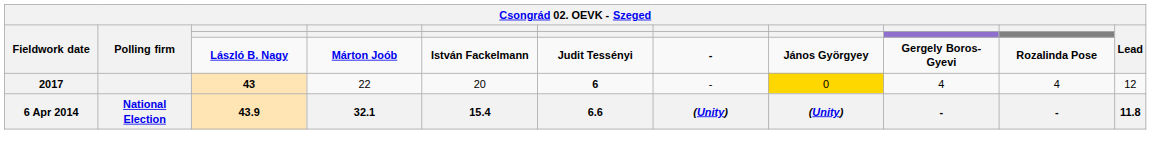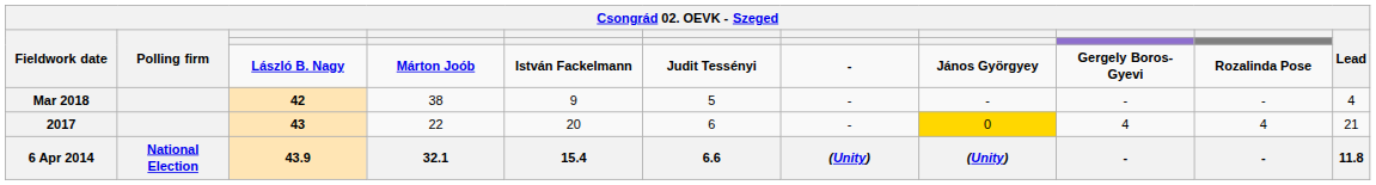 <table class="wikitable mw-collapsible mw-collapsed" style="text-align:center">
 <tr>
 <th colspan="11" style="width: 980pt;"><small><a href='#'>Csongrád</a>  02. OEVK -</small> <small><a href='#'>Szeged</a></small></th>
 </tr>
 <tr>
 <th rowspan="3" style="width: 80pt;"><small>Fieldwork</small> <small>date</small></th>
 <th rowspan="3" style="width: 80pt;"><strong><small>Polling</small> <small>firm</small></strong></th>
 <th style="width: 100pt;"><small></small></th>
 <th style="width: 100pt;"><small> </small></th>
 <th style="width: 100pt;"></th>
 <th style="width: 100pt;"></th>
 <th style="width: 100pt;"></th>
 <th style="width: 100pt;"></th>
 <th style="width: 100pt;"></th>
 <th style="width: 100pt;"></th>
 <th rowspan="3" style="width: 20pt;"><small>Lead</small></th>
 </tr>
 <tr>
 <th style="color:inherit;background:"></th>
 <th style="color:inherit;background:"></th>
 <th style="color:inherit;background:"></th>
 <th style="color:inherit;background:"></th>
 <th style="color:inherit;background:"></th>
 <th style="color:inherit;background:"></th>
 <th style="color:inherit;background:#8E6FCE;"></th>
 <th style="color:inherit;background:#808080;"></th>
 </tr>
 <tr>
 <td><a href='#'><small><strong>László B. Nagy</strong></small></a></td>
 <td><a href='#'><small><strong>Márton Joób</strong></small></a></td>
 <td><small><strong>István Fackelmann</strong></small></td>
 <td><small><strong>Judit Tessényi</strong></small></td>
 <td><small><strong>-</strong></small></td>
 <td><small><strong>János Györgyey</strong></small></td>
 <td><small><strong>Gergely</strong></small> <small><strong>Boros-Gyevi</strong></small></td>
 <td><small><strong>Rozalinda Pose</strong></small></td>
 </tr>
 <tr>
+<th><small>Mar 2018</small></th>
+<th><small></small></th>
+<td style="background:#FFE5B4"><small><strong>42</strong></small></td>
+<td><small>38</small></td>
+<td><small>9</small></td>
+<td><small>5</small></td>
+<td><small>-</small></td>
+<td><small>-</small></td>
+<td><small>-</small></td>
+<td><small>-</small></td>
+<td style="background:"><small>4</small></td>
+</tr>
+<tr>
 <th><small>2017</small></th>
 <th><small></small></th>
 <td style="background:#FFE5B4"><small><strong>43</strong></small></td>
 <td><small>22</small></td>
 <td><small>20</small></td>
-<td><strong><small>6</small></strong></td>
+<td><small>6</small></td>
 <td><small>-</small></td>
 <td style="background: gold;"><small>0</small></td>
 <td><small>4</small></td>
 <td><small>4</small></td>
-<td style="background:"><small>12</small></td>
+<td style="background:"><small>21</small></td>
 </tr>
 <tr>
 <th><small>6 Apr 2014</small></th>
 <th><a href='#'><small>National Election</small></a></th>
 <th style="background:#FFE5B4"><small><strong>43.9</strong></small></th>
 <th><small>32.1</small></th>
 <th><small>15.4</small></th>
 <th><small>6.6</small></th>
 <th><small><em>(<a href='#'>Unity</a>)</em></small></th>
 <th><small><em>(<a href='#'>Unity</a>)</em></small></th>
 <th><small>-</small></th>
 <th><small>-</small></th>
 <th style="background:"><small>11.8</small></th>
 </tr>
 </table>
